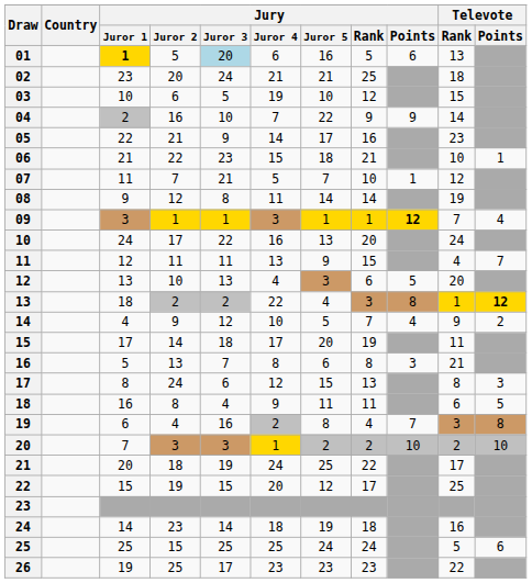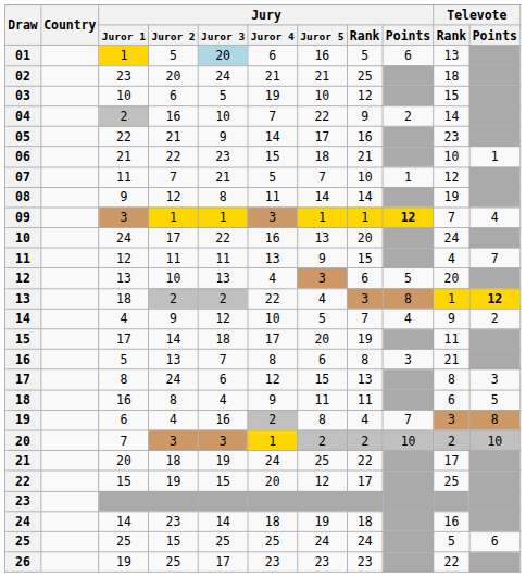 <table class="sortable wikitable collapsible plainrowheaders" style="text-align:center;">
 <tr>
 </tr>
 <tr>
 <th scope="col" rowspan="2">Draw</th>
 <th scope="col" rowspan="2">Country</th>
 <th scope="col" colspan="7">Jury</th>
 <th scope="col" colspan="2">Televote</th>
 </tr>
 <tr>
 <th scope="col"><small>Juror 1</small></th>
 <th scope="col"><small>Juror 2</small></th>
 <th scope="col"><small>Juror 3</small></th>
 <th scope="col"><small>Juror 4</small></th>
 <th scope="col"><small>Juror 5</small></th>
 <th scope="col">Rank</th>
 <th scope="col">Points</th>
 <th scope="col">Rank</th>
 <th scope="col">Points</th>
 </tr>
 <tr>
 <th scope="row" style="text-align:center;">01</th>
 <td style="text-align:left;"></td>
-<td style="background:gold;"><strong>1</strong></td>
+<td style="background:gold;">1</td>
 <td>5</td>
 <td style="background: lightblue;">20</td>
 <td>6</td>
 <td>16</td>
 <td>5</td>
 <td>6</td>
 <td>13</td>
 <td style="background:#AAAAAA;"></td>
 </tr>
 <tr>
 <th scope="row" style="text-align:center;">02</th>
 <td style="text-align:left;"></td>
 <td>23</td>
 <td>20</td>
 <td>24</td>
 <td>21</td>
 <td>21</td>
 <td>25</td>
 <td style="background:#AAAAAA;"></td>
 <td>18</td>
 <td style="background:#AAAAAA;"></td>
 </tr>
 <tr>
 <th scope="row" style="text-align:center;">03</th>
 <td style="text-align:left;"></td>
 <td>10</td>
 <td>6</td>
 <td>5</td>
 <td>19</td>
 <td>10</td>
 <td>12</td>
 <td style="background:#AAAAAA;"></td>
 <td>15</td>
 <td style="background:#AAAAAA;"></td>
 </tr>
 <tr>
 <th scope="row" style="text-align:center;">04</th>
 <td style="text-align:left;"></td>
 <td style="background:silver;">2</td>
 <td>16</td>
 <td>10</td>
 <td>7</td>
 <td>22</td>
 <td>9</td>
-<td>9</td>
+<td>2</td>
 <td>14</td>
 <td style="background:#AAAAAA;"></td>
 </tr>
 <tr>
 <th scope="row" style="text-align:center;">05</th>
 <td style="text-align:left;"></td>
 <td>22</td>
 <td>21</td>
 <td>9</td>
 <td>14</td>
 <td>17</td>
 <td>16</td>
 <td style="background:#AAAAAA;"></td>
 <td>23</td>
 <td style="background:#AAAAAA;"></td>
 </tr>
 <tr>
 <th scope="row" style="text-align:center;">06</th>
 <td style="text-align:left;"></td>
 <td>21</td>
 <td>22</td>
 <td>23</td>
 <td>15</td>
 <td>18</td>
 <td>21</td>
 <td style="background:#AAAAAA;"></td>
 <td>10</td>
 <td>1</td>
 </tr>
 <tr>
 <th scope="row" style="text-align:center;">07</th>
 <td style="text-align:left;"></td>
 <td>11</td>
 <td>7</td>
 <td>21</td>
 <td>5</td>
 <td>7</td>
 <td>10</td>
 <td>1</td>
 <td>12</td>
 <td style="background:#AAAAAA;"></td>
 </tr>
 <tr>
 <th scope="row" style="text-align:center;">08</th>
 <td style="text-align:left;"></td>
 <td>9</td>
 <td>12</td>
 <td>8</td>
 <td>11</td>
 <td>14</td>
 <td>14</td>
 <td style="background:#AAAAAA;"></td>
 <td>19</td>
 <td style="background:#AAAAAA;"></td>
 </tr>
 <tr>
 <th scope="row" style="text-align:center;">09</th>
 <td style="text-align:left;"></td>
 <td style="background:#CC9966;">3</td>
 <td style="background:gold;">1</td>
 <td style="background:gold;">1</td>
 <td style="background:#CC9966;">3</td>
 <td style="background:gold;">1</td>
 <td style="background:gold;">1</td>
 <td style="background:gold;"><strong>12</strong></td>
 <td>7</td>
 <td>4</td>
 </tr>
 <tr>
 <th scope="row" style="text-align:center;">10</th>
 <td style="text-align:left;"></td>
 <td>24</td>
 <td>17</td>
 <td>22</td>
 <td>16</td>
 <td>13</td>
 <td>20</td>
 <td style="background:#AAAAAA;"></td>
 <td>24</td>
 <td style="background:#AAAAAA;"></td>
 </tr>
 <tr>
 <th scope="row" style="text-align:center;">11</th>
 <td style="text-align:left;"></td>
 <td>12</td>
 <td>11</td>
 <td>11</td>
 <td>13</td>
 <td>9</td>
 <td>15</td>
 <td style="background:#AAAAAA;"></td>
 <td>4</td>
 <td>7</td>
 </tr>
 <tr>
 <th scope="row" style="text-align:center;">12</th>
 <td style="text-align:left;"></td>
 <td>13</td>
 <td>10</td>
 <td>13</td>
 <td>4</td>
 <td style="background:#CC9966;">3</td>
 <td>6</td>
 <td>5</td>
 <td>20</td>
 <td style="background:#AAAAAA;"></td>
 </tr>
 <tr>
 <th scope="row" style="text-align:center;">13</th>
 <td style="text-align:left;"></td>
 <td>18</td>
 <td style="background:silver;">2</td>
 <td style="background:silver;">2</td>
 <td>22</td>
 <td>4</td>
 <td style="background:#CC9966;">3</td>
 <td style="background:#CC9966;">8</td>
 <td style="background:gold;">1</td>
 <td style="background:gold;"><strong>12</strong></td>
 </tr>
 <tr>
 <th scope="row" style="text-align:center;">14</th>
 <td style="text-align:left;"></td>
 <td>4</td>
 <td>9</td>
 <td>12</td>
 <td>10</td>
 <td>5</td>
 <td>7</td>
 <td>4</td>
 <td>9</td>
 <td>2</td>
 </tr>
 <tr>
 <th scope="row" style="text-align:center;">15</th>
 <td style="text-align:left;"></td>
 <td>17</td>
 <td>14</td>
 <td>18</td>
 <td>17</td>
 <td>20</td>
 <td>19</td>
 <td style="background:#AAAAAA;"></td>
 <td>11</td>
 <td style="background:#AAAAAA;"></td>
 </tr>
 <tr>
 <th scope="row" style="text-align:center;">16</th>
 <td style="text-align:left;"></td>
 <td>5</td>
 <td>13</td>
 <td>7</td>
 <td>8</td>
 <td>6</td>
 <td>8</td>
 <td>3</td>
 <td>21</td>
 <td style="background:#AAAAAA;"></td>
 </tr>
 <tr>
 <th scope="row" style="text-align:center;">17</th>
 <td style="text-align:left;"></td>
 <td>8</td>
 <td>24</td>
 <td>6</td>
 <td>12</td>
 <td>15</td>
 <td>13</td>
 <td style="background:#AAAAAA;"></td>
 <td>8</td>
 <td>3</td>
 </tr>
 <tr>
 <th scope="row" style="text-align:center;">18</th>
 <td style="text-align:left;"></td>
 <td>16</td>
 <td>8</td>
 <td>4</td>
 <td>9</td>
 <td>11</td>
 <td>11</td>
 <td style="background:#AAAAAA;"></td>
 <td>6</td>
 <td>5</td>
 </tr>
 <tr>
 <th scope="row" style="text-align:center;">19</th>
 <td style="text-align:left;"></td>
 <td>6</td>
 <td>4</td>
 <td>16</td>
 <td style="background:silver;">2</td>
 <td>8</td>
 <td>4</td>
 <td>7</td>
 <td style="background:#CC9966;">3</td>
 <td style="background:#CC9966;">8</td>
 </tr>
 <tr>
 <th scope="row" style="text-align:center;">20</th>
 <td style="text-align:left;"></td>
 <td>7</td>
 <td style="background:#CC9966;">3</td>
 <td style="background:#CC9966;">3</td>
 <td style="background:gold;">1</td>
 <td style="background:silver;">2</td>
 <td style="background:silver;">2</td>
 <td style="background:silver;">10</td>
 <td style="background:silver;">2</td>
 <td style="background:silver;">10</td>
 </tr>
 <tr>
 <th scope="row" style="text-align:center;">21</th>
 <td style="text-align:left;"></td>
 <td>20</td>
 <td>18</td>
 <td>19</td>
 <td>24</td>
 <td>25</td>
 <td>22</td>
 <td style="background:#AAAAAA;"></td>
 <td>17</td>
 <td style="background:#AAAAAA;"></td>
 </tr>
 <tr>
 <th scope="row" style="text-align:center;">22</th>
 <td style="text-align:left;"></td>
 <td>15</td>
 <td>19</td>
 <td>15</td>
 <td>20</td>
 <td>12</td>
 <td>17</td>
 <td style="background:#AAAAAA;"></td>
 <td>25</td>
 <td style="background:#AAAAAA;"></td>
 </tr>
 <tr class=sortbottom>
 <th scope="row" style="text-align:center;">23</th>
 <td style="text-align:left;"></td>
 <td style="background:#AAAAAA;"></td>
 <td style="background:#AAAAAA;"></td>
 <td style="background:#AAAAAA;"></td>
 <td style="background:#AAAAAA;"></td>
 <td style="background:#AAAAAA;"></td>
 <td style="background:#AAAAAA;"></td>
 <td style="background:#AAAAAA;"></td>
 <td style="background:#AAAAAA;"></td>
 <td style="background:#AAAAAA;"></td>
 </tr>
 <tr>
 <th scope="row" style="text-align:center;">24</th>
 <td style="text-align:left;"></td>
 <td>14</td>
 <td>23</td>
 <td>14</td>
 <td>18</td>
 <td>19</td>
 <td>18</td>
 <td style="background:#AAAAAA;"></td>
 <td>16</td>
 <td style="background:#AAAAAA;"></td>
 </tr>
 <tr>
 <th scope="row" style="text-align:center;">25</th>
 <td style="text-align:left;"></td>
 <td>25</td>
 <td>15</td>
 <td>25</td>
 <td>25</td>
 <td>24</td>
 <td>24</td>
 <td style="background:#AAAAAA;"></td>
 <td>5</td>
 <td>6</td>
 </tr>
 <tr>
 <th scope="row" style="text-align:center;">26</th>
 <td style="text-align:left;"></td>
 <td>19</td>
 <td>25</td>
 <td>17</td>
 <td>23</td>
 <td>23</td>
 <td>23</td>
 <td style="background:#AAAAAA;"></td>
 <td>22</td>
 <td style="background:#AAAAAA;"></td>
 </tr>
 </table>
